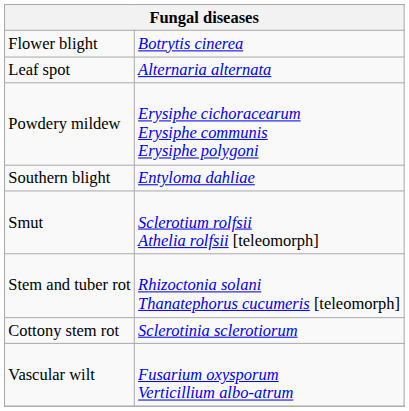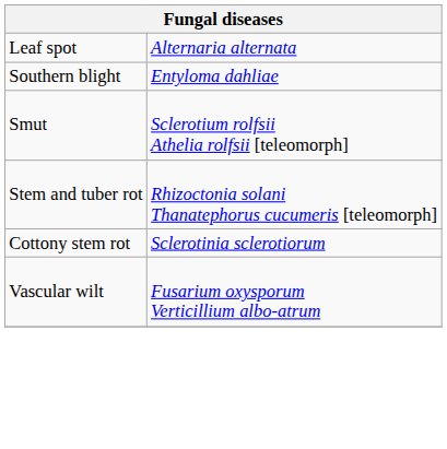 <table class="wikitable" style="clear">
 <tr>
 <th colspan=2><strong>Fungal diseases</strong><br></th>
 </tr>
 <tr>
-<td>Flower blight</td>
-<td><em><a href='#'>Botrytis cinerea</a></em></td>
-</tr>
-<tr>
 <td>Leaf spot</td>
 <td><em><a href='#'>Alternaria alternata</a></em></td>
-</tr>
-<tr>
-<td>Powdery mildew</td>
-<td><br><em><a href='#'>Erysiphe cichoracearum</a></em><br> <em><a href='#'>Erysiphe communis</a></em><br> <em><a href='#'>Erysiphe polygoni</a></em></td>
 </tr>
 <tr>
 <td>Southern blight</td>
 <td><em><a href='#'>Entyloma dahliae</a></em></td>
 </tr>
 <tr>
 <td>Smut</td>
 <td><br><em><a href='#'>Sclerotium rolfsii</a></em><br> <em><a href='#'>Athelia rolfsii</a></em> [teleomorph]</td>
 </tr>
 <tr>
 <td>Stem and tuber rot</td>
 <td><br><em><a href='#'>Rhizoctonia solani</a></em><br> <em><a href='#'>Thanatephorus cucumeris</a></em> [teleomorph]</td>
 </tr>
 <tr>
 <td>Cottony stem rot</td>
 <td><em><a href='#'>Sclerotinia sclerotiorum</a></em></td>
 </tr>
 <tr>
 <td>Vascular wilt</td>
 <td><br><em><a href='#'>Fusarium oxysporum</a></em><br> <em><a href='#'>Verticillium albo-atrum</a></em></td>
 </tr>
 <tr>
 </tr>
 </table>
